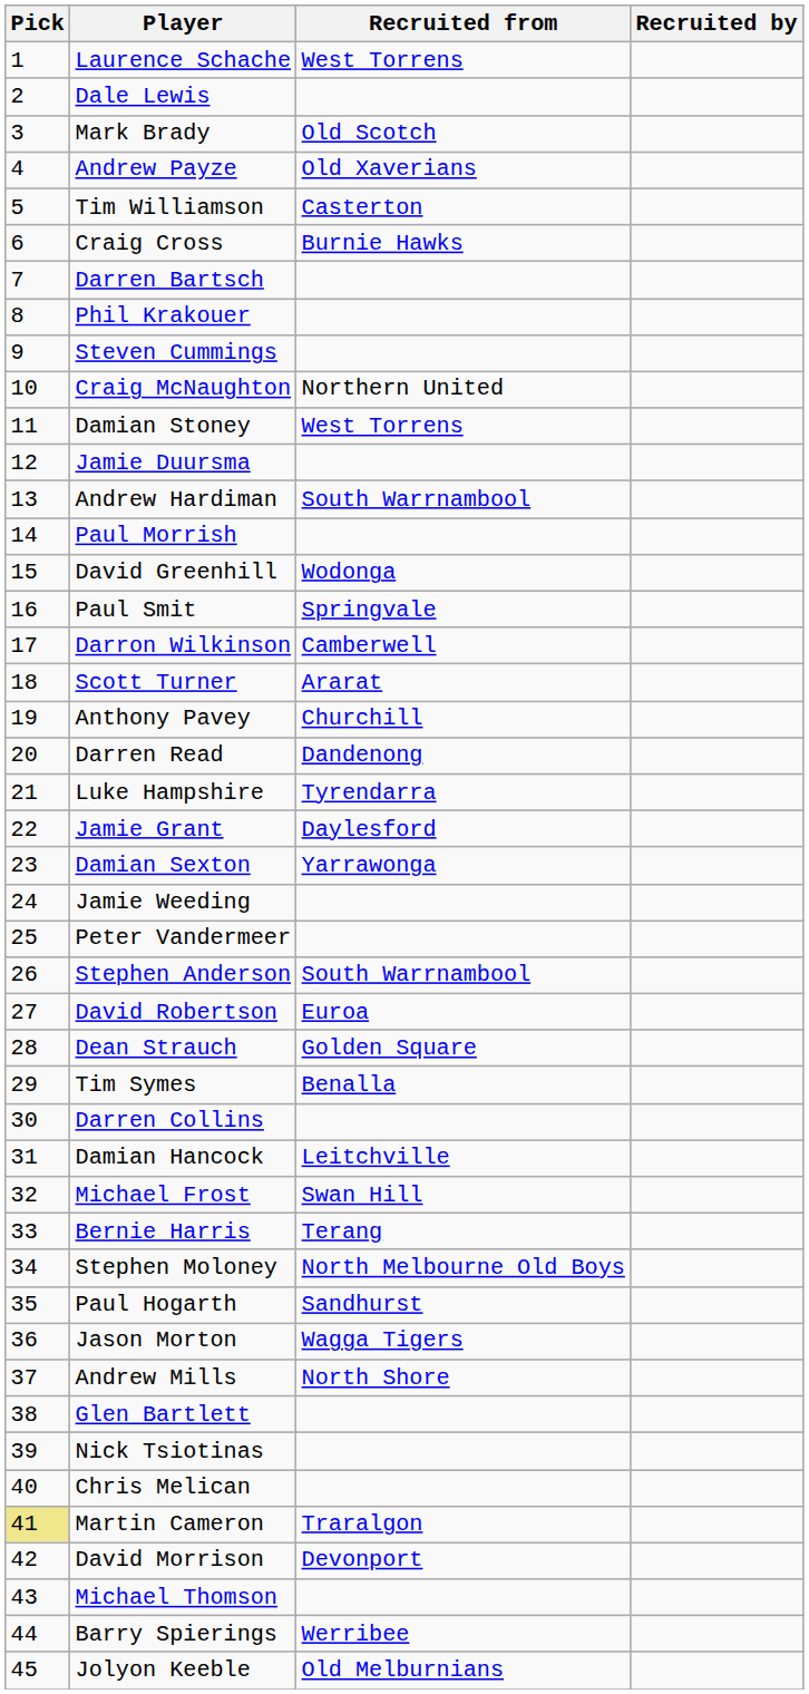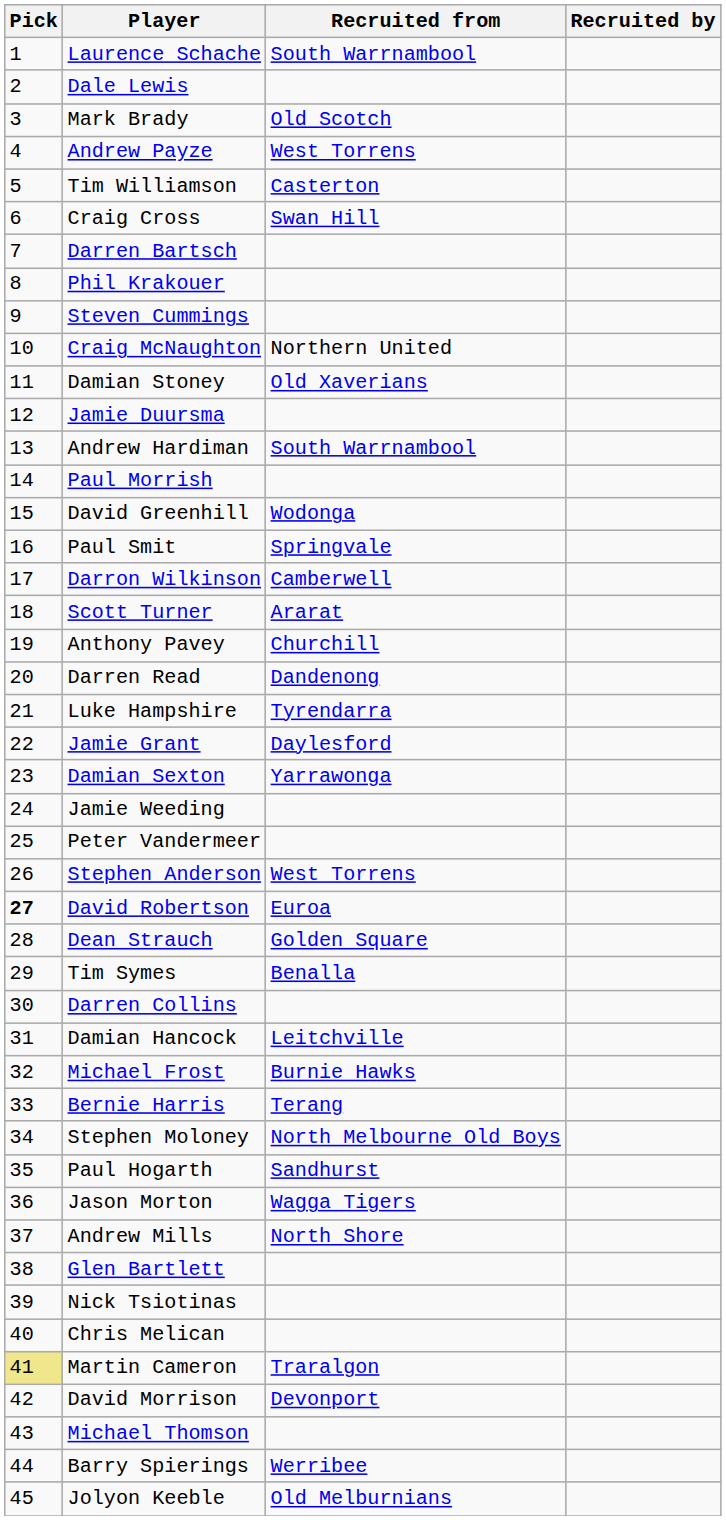 <table class="wikitable sortable">
 <tr>
 <th>Pick</th>
 <th>Player</th>
 <th>Recruited from</th>
 <th>Recruited by</th>
 </tr>
 <tr>
 <td>1</td>
 <td><a href='#'>Laurence Schache</a></td>
-<td><a href='#'>West Torrens</a></td>
+<td><a href='#'>South Warrnambool</a></td>
 <td></td>
 </tr>
 <tr>
 <td>2</td>
 <td><a href='#'>Dale Lewis</a></td>
 <td></td>
 <td></td>
 </tr>
 <tr>
 <td>3</td>
 <td>Mark Brady</td>
 <td><a href='#'>Old Scotch</a></td>
 <td></td>
 </tr>
 <tr>
 <td>4</td>
 <td><a href='#'>Andrew Payze</a></td>
-<td><a href='#'>Old Xaverians</a></td>
+<td><a href='#'>West Torrens</a></td>
 <td></td>
 </tr>
 <tr>
 <td>5</td>
 <td>Tim Williamson</td>
 <td><a href='#'>Casterton</a></td>
 <td></td>
 </tr>
 <tr>
 <td>6</td>
 <td>Craig Cross</td>
-<td><a href='#'>Burnie Hawks</a></td>
+<td><a href='#'>Swan Hill</a></td>
 <td></td>
 </tr>
 <tr>
 <td>7</td>
 <td><a href='#'>Darren Bartsch</a></td>
 <td></td>
 <td></td>
 </tr>
 <tr>
 <td>8</td>
 <td><a href='#'>Phil Krakouer</a></td>
 <td></td>
 <td></td>
 </tr>
 <tr>
 <td>9</td>
 <td><a href='#'>Steven Cummings</a></td>
 <td></td>
 <td></td>
 </tr>
 <tr>
 <td>10</td>
 <td><a href='#'>Craig McNaughton</a></td>
 <td>Northern United</td>
 <td></td>
 </tr>
 <tr>
 <td>11</td>
 <td>Damian Stoney</td>
-<td><a href='#'>West Torrens</a></td>
+<td><a href='#'>Old Xaverians</a></td>
 <td></td>
 </tr>
 <tr>
 <td>12</td>
 <td><a href='#'>Jamie Duursma</a></td>
 <td></td>
 <td></td>
 </tr>
 <tr>
 <td>13</td>
 <td>Andrew Hardiman</td>
 <td><a href='#'>South Warrnambool</a></td>
 <td></td>
 </tr>
 <tr>
 <td>14</td>
 <td><a href='#'>Paul Morrish</a></td>
 <td></td>
 <td></td>
 </tr>
 <tr>
 <td>15</td>
 <td>David Greenhill</td>
 <td><a href='#'>Wodonga</a></td>
 <td></td>
 </tr>
 <tr>
 <td>16</td>
 <td>Paul Smit</td>
 <td><a href='#'>Springvale</a></td>
 <td></td>
 </tr>
 <tr>
 <td>17</td>
 <td><a href='#'>Darron Wilkinson</a></td>
 <td><a href='#'>Camberwell</a></td>
 <td></td>
 </tr>
 <tr>
 <td>18</td>
 <td><a href='#'>Scott Turner</a></td>
 <td><a href='#'>Ararat</a></td>
 <td></td>
 </tr>
 <tr>
 <td>19</td>
 <td>Anthony Pavey</td>
 <td><a href='#'>Churchill</a></td>
 <td></td>
 </tr>
 <tr>
 <td>20</td>
 <td>Darren Read</td>
 <td><a href='#'>Dandenong</a></td>
 <td></td>
 </tr>
 <tr>
 <td>21</td>
 <td>Luke Hampshire</td>
 <td><a href='#'>Tyrendarra</a></td>
 <td></td>
 </tr>
 <tr>
 <td>22</td>
 <td><a href='#'>Jamie Grant</a></td>
 <td><a href='#'>Daylesford</a></td>
 <td></td>
 </tr>
 <tr>
 <td>23</td>
 <td><a href='#'>Damian Sexton</a></td>
 <td><a href='#'>Yarrawonga</a></td>
 <td></td>
 </tr>
 <tr>
 <td>24</td>
 <td>Jamie Weeding</td>
 <td></td>
 <td></td>
 </tr>
 <tr>
 <td>25</td>
 <td>Peter Vandermeer</td>
 <td></td>
 <td></td>
 </tr>
 <tr>
 <td>26</td>
 <td><a href='#'>Stephen Anderson</a></td>
-<td><a href='#'>South Warrnambool</a></td>
+<td><a href='#'>West Torrens</a></td>
 <td></td>
 </tr>
 <tr>
-<td>27</td>
+<td><strong>27</strong></td>
 <td><a href='#'>David Robertson</a></td>
 <td><a href='#'>Euroa</a></td>
 <td></td>
 </tr>
 <tr>
 <td>28</td>
 <td><a href='#'>Dean Strauch</a></td>
 <td><a href='#'>Golden Square</a></td>
 <td></td>
 </tr>
 <tr>
 <td>29</td>
 <td>Tim Symes</td>
 <td><a href='#'>Benalla</a></td>
 <td></td>
 </tr>
 <tr>
 <td>30</td>
 <td><a href='#'>Darren Collins</a></td>
 <td></td>
 <td></td>
 </tr>
 <tr>
 <td>31</td>
 <td>Damian Hancock</td>
 <td><a href='#'>Leitchville</a></td>
 <td></td>
 </tr>
 <tr>
 <td>32</td>
 <td><a href='#'>Michael Frost</a></td>
-<td><a href='#'>Swan Hill</a></td>
+<td><a href='#'>Burnie Hawks</a></td>
 <td></td>
 </tr>
 <tr>
 <td>33</td>
 <td><a href='#'>Bernie Harris</a></td>
 <td><a href='#'>Terang</a></td>
 <td></td>
 </tr>
 <tr>
 <td>34</td>
 <td>Stephen Moloney</td>
 <td><a href='#'>North Melbourne Old Boys</a></td>
 <td></td>
 </tr>
 <tr>
 <td>35</td>
 <td>Paul Hogarth</td>
 <td><a href='#'>Sandhurst</a></td>
 <td></td>
 </tr>
 <tr>
 <td>36</td>
 <td>Jason Morton</td>
 <td><a href='#'>Wagga Tigers</a></td>
 <td></td>
 </tr>
 <tr>
 <td>37</td>
 <td>Andrew Mills</td>
 <td><a href='#'>North Shore</a></td>
 <td></td>
 </tr>
 <tr>
 <td>38</td>
 <td><a href='#'>Glen Bartlett</a></td>
 <td></td>
 <td></td>
 </tr>
 <tr>
 <td>39</td>
 <td>Nick Tsiotinas</td>
 <td></td>
 <td></td>
 </tr>
 <tr>
 <td>40</td>
 <td>Chris Melican</td>
 <td></td>
 <td></td>
 </tr>
 <tr>
 <td style="background: khaki;">41</td>
 <td>Martin Cameron</td>
 <td><a href='#'>Traralgon</a></td>
 <td></td>
 </tr>
 <tr>
 <td>42</td>
 <td>David Morrison</td>
 <td><a href='#'>Devonport</a></td>
 <td></td>
 </tr>
 <tr>
 <td>43</td>
 <td><a href='#'>Michael Thomson</a></td>
 <td></td>
 <td></td>
 </tr>
 <tr>
 <td>44</td>
 <td>Barry Spierings</td>
 <td><a href='#'>Werribee</a></td>
 <td></td>
 </tr>
 <tr>
 <td>45</td>
 <td>Jolyon Keeble</td>
 <td><a href='#'>Old Melburnians</a></td>
 <td></td>
 </tr>
 </table>
